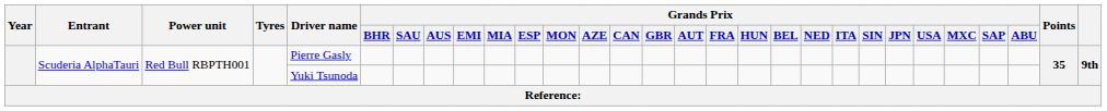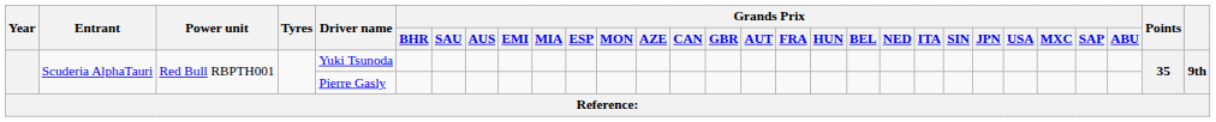 <table class="wikitable" style="text-align:center; font-size:90%">
 <tr>
 <th rowspan="2">Year</th>
 <th rowspan="2">Entrant</th>
 <th rowspan="2">Power unit</th>
 <th rowspan="2">Tyres</th>
 <th rowspan="2">Driver name</th>
 <th colspan="22">Grands Prix</th>
 <th rowspan="2">Points</th>
 <th rowspan="2"></th>
 </tr>
 <tr>
 <th><a href='#'>BHR</a></th>
 <th><a href='#'>SAU</a></th>
 <th><a href='#'>AUS</a></th>
 <th><a href='#'>EMI</a></th>
 <th><a href='#'>MIA</a></th>
 <th><a href='#'>ESP</a></th>
 <th><a href='#'>MON</a></th>
 <th><a href='#'>AZE</a></th>
 <th><a href='#'>CAN</a></th>
 <th><a href='#'>GBR</a></th>
 <th><a href='#'>AUT</a></th>
 <th><a href='#'>FRA</a></th>
 <th><a href='#'>HUN</a></th>
 <th><a href='#'>BEL</a></th>
 <th><a href='#'>NED</a></th>
 <th><a href='#'>ITA</a></th>
 <th><a href='#'>SIN</a></th>
 <th><a href='#'>JPN</a></th>
 <th><a href='#'>USA</a></th>
 <th><a href='#'>MXC</a></th>
 <th><a href='#'>SAP</a></th>
 <th><a href='#'>ABU</a></th>
 </tr>
 <tr>
 <th rowspan="2"></th>
 <td rowspan="2"><a href='#'>Scuderia AlphaTauri</a></td>
 <td rowspan="2"><a href='#'>Red Bull</a> RBPTH001</td>
 <td rowspan="2"></td>
-<td align=left> <a href='#'>Pierre Gasly</a></td>
+<td align=left> <a href='#'>Yuki Tsunoda</a></td>
 <td></td>
 <td></td>
 <td></td>
 <td></td>
 <td></td>
 <td></td>
 <td></td>
 <td></td>
 <td></td>
 <td></td>
 <td></td>
 <td></td>
 <td></td>
 <td></td>
 <td></td>
 <td></td>
 <td></td>
 <td></td>
 <td></td>
 <td></td>
 <td></td>
 <td></td>
 <th rowspan="2">35</th>
 <th rowspan="2">9th</th>
 </tr>
 <tr>
-<td align=left> <a href='#'>Yuki Tsunoda</a></td>
+<td align=left> <a href='#'>Pierre Gasly</a></td>
 <td></td>
 <td></td>
 <td></td>
 <td></td>
 <td></td>
 <td></td>
 <td></td>
 <td></td>
 <td></td>
 <td></td>
 <td></td>
 <td></td>
 <td></td>
 <td></td>
 <td></td>
 <td></td>
 <td></td>
 <td></td>
 <td></td>
 <td></td>
 <td></td>
 <td></td>
 </tr>
 <tr>
 <th colspan="29">Reference:</th>
 </tr>
 </table>
